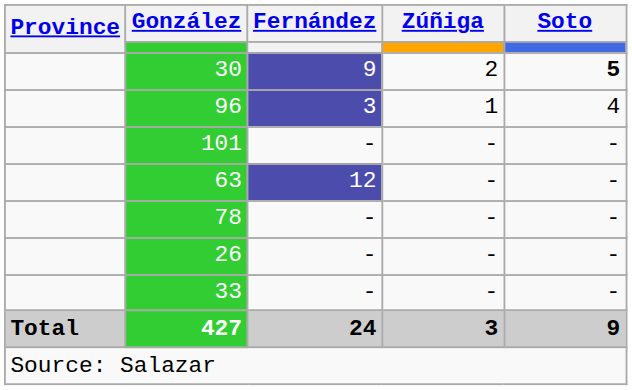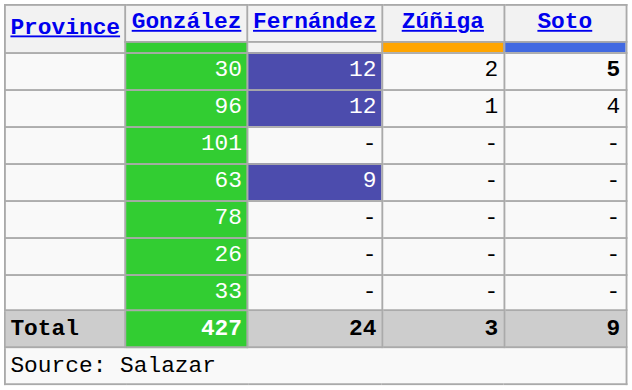 <table class="wikitable sortable" style="text-align:right; font-size:95%">
 <tr>
 <th rowspan=2><a href='#'>Province</a></th>
 <th width=60px><a href='#'>González</a></th>
 <th width=60px><a href='#'>Fernández</a></th>
 <th width=60px><a href='#'>Zúñiga</a></th>
 <th width=60px><a href='#'>Soto</a></th>
 </tr>
 <tr>
 <th style="background:#32CD32"></th>
 <th style="background:"></th>
 <th style="background:orange"></th>
 <th style="background:royalblue"></th>
 </tr>
 <tr>
 <td align="left"></td>
 <td style="background:#32CD32; color:white;">30</td>
-<td style="background:#4c4cad; color:white;">9</td>
+<td style="background:#4c4cad; color:white;">12</td>
 <td>2</td>
 <td><strong>5</strong></td>
 </tr>
 <tr>
 <td align="left"></td>
 <td style="background:#32CD32; color:white;">96</td>
-<td style="background:#4c4cad; color:white;">3</td>
+<td style="background:#4c4cad; color:white;">12</td>
 <td>1</td>
 <td>4</td>
 </tr>
 <tr>
 <td align="left"></td>
 <td style="background:#32CD32; color:white;">101</td>
 <td>-</td>
 <td>-</td>
 <td>-</td>
 </tr>
 <tr>
 <td align="left"></td>
 <td style="background:#32CD32; color:white;">63</td>
-<td style="background:#4c4cad; color:white;">12</td>
+<td style="background:#4c4cad; color:white;">9</td>
 <td>-</td>
 <td>-</td>
 </tr>
 <tr>
 <td align="left"></td>
 <td style="background:#32CD32; color:white;">78</td>
 <td>-</td>
 <td>-</td>
 <td>-</td>
 </tr>
 <tr>
 <td align="left"></td>
 <td style="background:#32CD32; color:white;">26</td>
 <td>-</td>
 <td>-</td>
 <td>-</td>
 </tr>
 <tr>
 <td align="left"></td>
 <td style="background:#32CD32; color:white;">33</td>
 <td>-</td>
 <td>-</td>
 <td>-</td>
 </tr>
 <tr style="background:#CDCDCD;" class=sortbottom>
 <td align="left"><strong>Total</strong></td>
 <td style="background:#32CD32; color:white;"><strong>427</strong></td>
 <td><strong>24</strong></td>
 <td><strong>3</strong></td>
 <td><strong>9</strong></td>
 </tr>
 <tr class=sortbottom>
 <td align=left colspan=11>Source: Salazar</td>
 </tr>
 </table>
